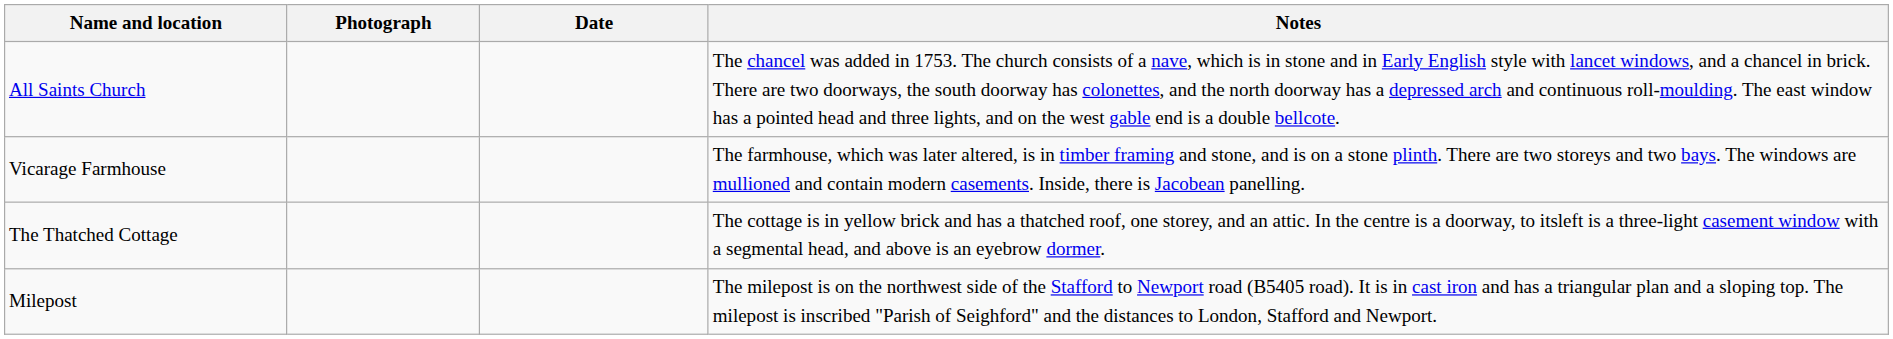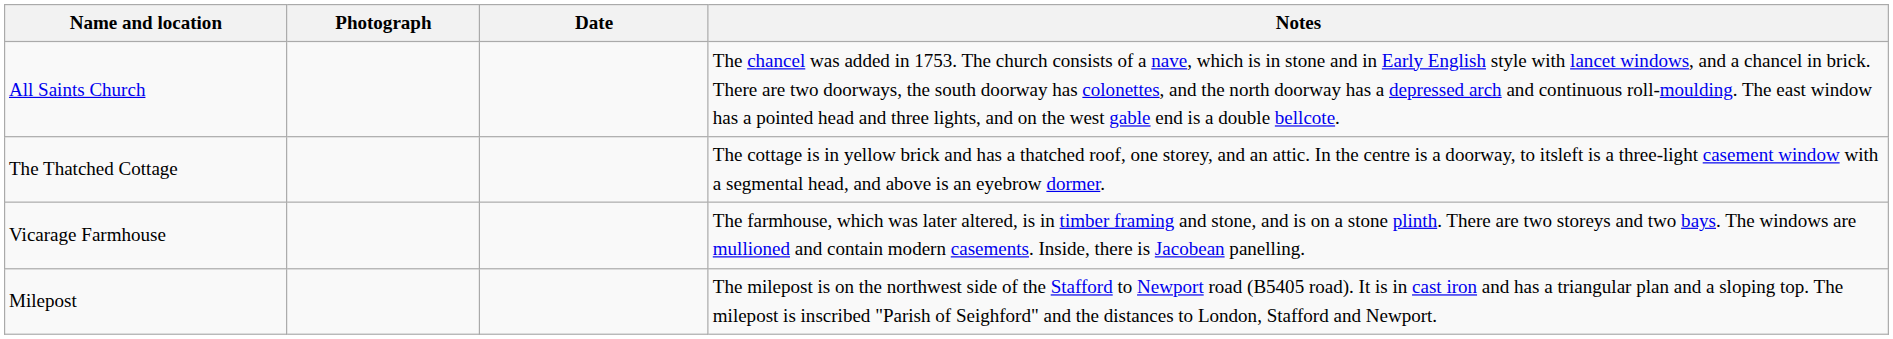 <table class="wikitable sortable plainrowheaders" style="width:100%;border:0px;text-align:left;line-height:150%;">
 <tr>
 <th scope="col"  style="width:150px">Name and location</th>
 <th scope="col"  style="width:100px" class="unsortable">Photograph</th>
 <th scope="col"  style="width:120px">Date</th>
 <th scope="col"  style="width:650px" class="unsortable">Notes</th>
 </tr>
 <tr>
 <td><a href='#'>All Saints Church</a><br><small></small></td>
 <td></td>
 <td align="center"></td>
 <td>The <a href='#'>chancel</a> was added in 1753.  The church consists of a <a href='#'>nave</a>, which is in stone and in <a href='#'>Early English</a> style with <a href='#'>lancet windows</a>, and a chancel in brick.  There are two doorways, the south doorway has <a href='#'>colonettes</a>, and the north doorway has a <a href='#'>depressed arch</a> and continuous roll-<a href='#'>moulding</a>.  The east window has a pointed head and three lights, and on the west <a href='#'>gable</a> end is a double <a href='#'>bellcote</a>.</td>
 </tr>
 <tr>
+<td>The Thatched Cottage<br><small></small></td>
+<td></td>
+<td align="center"></td>
+<td>The cottage is in yellow brick and has a thatched roof, one storey, and an attic.  In the centre is a doorway, to itsleft is a three-light <a href='#'>casement window</a> with a segmental head, and above is an eyebrow <a href='#'>dormer</a>.</td>
+</tr>
+<tr>
 <td>Vicarage Farmhouse<br><small></small></td>
 <td></td>
 <td align="center"></td>
 <td>The farmhouse, which was later altered, is in <a href='#'>timber framing</a> and stone, and is on a stone <a href='#'>plinth</a>.  There are two storeys and two <a href='#'>bays</a>.  The windows are <a href='#'>mullioned</a> and contain modern <a href='#'>casements</a>.  Inside, there is <a href='#'>Jacobean</a> panelling.</td>
-</tr>
-<tr>
-<td>The Thatched Cottage<br><small></small></td>
-<td></td>
-<td align="center"></td>
-<td>The cottage is in yellow brick and has a thatched roof, one storey, and an attic.  In the centre is a doorway, to itsleft is a three-light <a href='#'>casement window</a> with a segmental head, and above is an eyebrow <a href='#'>dormer</a>.</td>
 </tr>
 <tr>
 <td>Milepost<br><small></small></td>
 <td></td>
 <td align="center"></td>
 <td>The milepost is on the northwest side of the <a href='#'>Stafford</a> to <a href='#'>Newport</a> road (B5405 road).  It is in <a href='#'>cast iron</a> and has a triangular plan and a sloping top.  The milepost is inscribed "Parish of Seighford" and the distances to London, Stafford and Newport.</td>
 </tr>
 <tr>
 </tr>
 </table>
